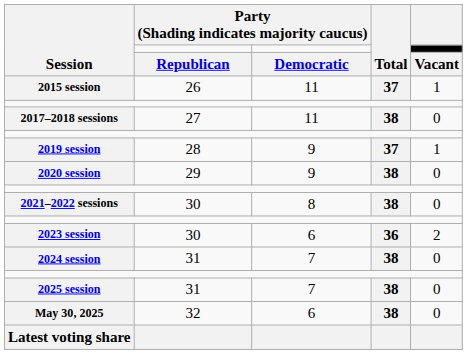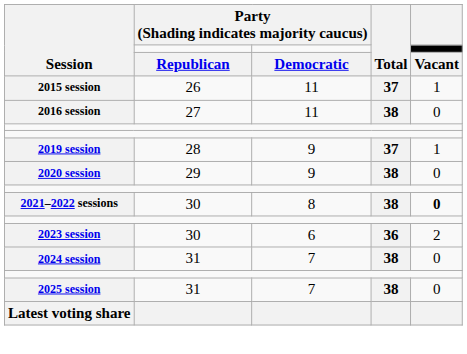 <table class=wikitable style="text-align: center;">
 <tr style="vertical-align: bottom;">
 <th rowspan="3">Session</th>
 <th colspan="2">Party<div>(Shading indicates majority caucus)</div></th>
 <th rowspan="3">Total</th>
 <th></th>
 </tr>
 <tr style="height: 5px;">
 <td style="background-color:"></td>
 <td style="background-color:"></td>
 <td style="background:black;"></td>
 </tr>
 <tr>
 <th><a href='#'>Republican</a></th>
 <th><a href='#'>Democratic</a></th>
 <th>Vacant</th>
 </tr>
 <tr>
 <th style="font-size: 80%;">2015 session</th>
 <td>26</td>
 <td>11</td>
 <th>37</th>
 <td>1</td>
 </tr>
 <tr>
-<td colspan="5"></td>
-</tr>
-<tr>
-<th style="font-size: 80%;">2017–2018 sessions</th>
+<th style="font-size: 80%;">2016 session</th>
 <td>27</td>
 <td>11</td>
 <th>38</th>
 <td>0</td>
+</tr>
+<tr>
+<td colspan="5"></td>
 </tr>
 <tr>
 <td colspan="5"></td>
 </tr>
 <tr>
 <th style="font-size: 80%;"><a href='#'>2019 session</a></th>
 <td>28</td>
 <td>9</td>
 <th>37</th>
 <td>1</td>
 </tr>
 <tr>
 <th style="font-size: 80%;"><a href='#'>2020 session</a></th>
 <td>29</td>
 <td>9</td>
 <th>38</th>
 <td>0</td>
 </tr>
 <tr>
 <td colspan="5"></td>
 </tr>
 <tr>
 <th style="font-size: 80%;"><a href='#'>2021</a>–<a href='#'>2022</a> sessions</th>
 <td>30</td>
 <td>8</td>
 <th>38</th>
-<td>0</td>
+<td><strong>0</strong></td>
 </tr>
 <tr>
 <td colspan=5></td>
 </tr>
 <tr>
 <th style="font-size: 80%;"><a href='#'>2023 session</a></th>
 <td>30</td>
 <td>6</td>
 <th>36</th>
 <td>2</td>
 </tr>
 <tr>
 <th style="font-size: 80%;"><a href='#'>2024 session</a></th>
 <td>31</td>
 <td>7</td>
 <th>38</th>
 <td>0</td>
 </tr>
 <tr>
 <td colspan=5></td>
 </tr>
 <tr>
 <th style="font-size: 80%;"><a href='#'>2025 session</a></th>
 <td>31</td>
 <td>7</td>
 <th>38</th>
 <td>0</td>
 </tr>
 <tr>
-<th style="font-size: 80%;">May 30, 2025</th>
-<td>32</td>
-<td>6</td>
-<th>38</th>
-<td>0</td>
-</tr>
-<tr>
 <th>Latest voting share</th>
 <th></th>
 <th></th>
 <th></th>
 <th></th>
 </tr>
 </table>
